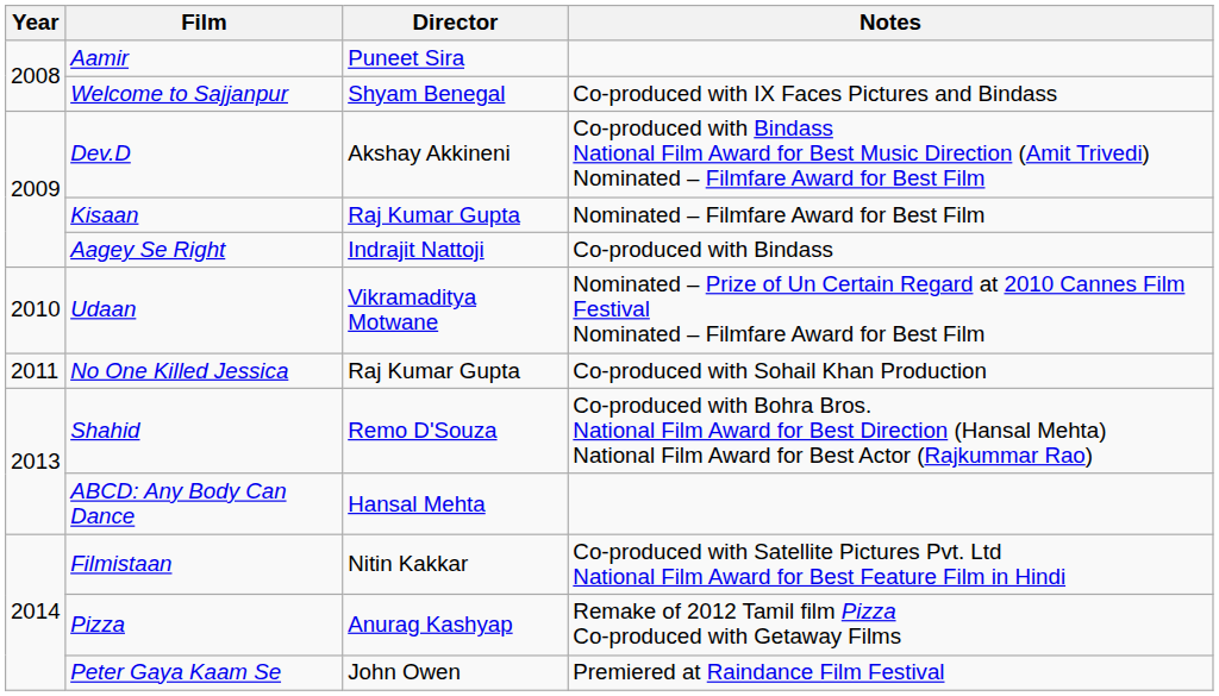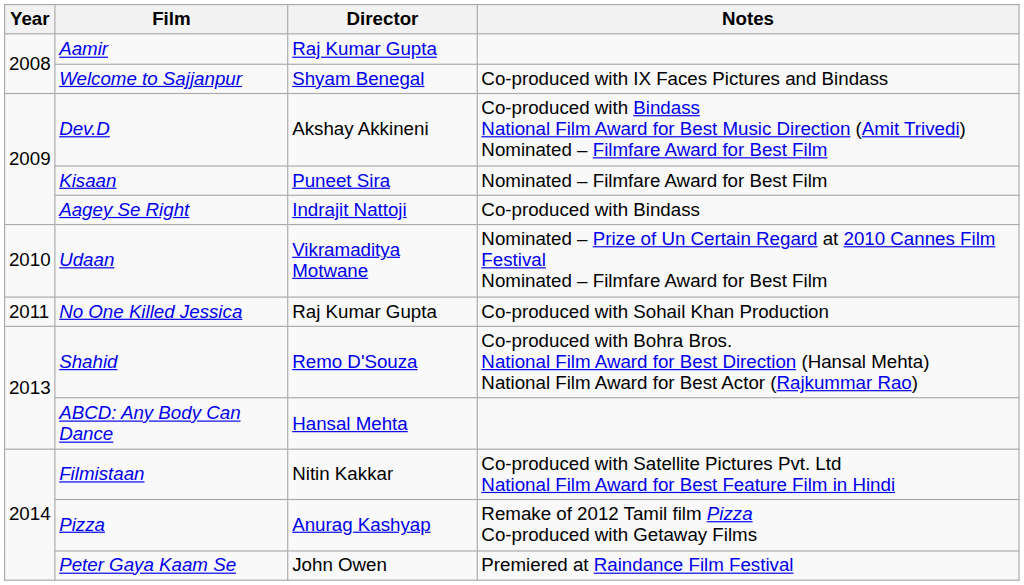 <table class="wikitable sortable">
 <tr>
 <th scope="col">Year</th>
 <th scope="col">Film</th>
 <th scope="col">Director</th>
 <th scope="col">Notes</th>
 </tr>
 <tr>
 <td rowspan="2">2008</td>
 <td><em><a href='#'>Aamir</a></em></td>
-<td><a href='#'>Puneet Sira</a></td>
+<td><a href='#'>Raj Kumar Gupta</a></td>
 <td></td>
 </tr>
 <tr>
 <td><em><a href='#'>Welcome to Sajjanpur</a></em></td>
 <td><a href='#'>Shyam Benegal</a></td>
 <td>Co-produced with IX Faces Pictures and Bindass</td>
 </tr>
 <tr>
 <td rowspan="3">2009</td>
 <td><em><a href='#'>Dev.D</a></em></td>
 <td>Akshay Akkineni</td>
 <td>Co-produced with <a href='#'>Bindass</a> <br> <a href='#'>National Film Award for Best Music Direction</a> (<a href='#'>Amit Trivedi</a>) <br> Nominated – <a href='#'>Filmfare Award for Best Film</a></td>
 </tr>
 <tr>
 <td><em><a href='#'>Kisaan</a></em></td>
-<td><a href='#'>Raj Kumar Gupta</a></td>
+<td><a href='#'>Puneet Sira</a></td>
 <td>Nominated – Filmfare Award for Best Film</td>
 </tr>
 <tr>
 <td><em><a href='#'>Aagey Se Right</a></em></td>
 <td><a href='#'>Indrajit Nattoji</a></td>
 <td>Co-produced with Bindass</td>
 </tr>
 <tr>
 <td>2010</td>
 <td><em><a href='#'>Udaan</a></em></td>
 <td><a href='#'>Vikramaditya Motwane</a></td>
 <td>Nominated – <a href='#'>Prize of Un Certain Regard</a> at <a href='#'>2010 Cannes Film Festival</a> <br> Nominated – Filmfare Award for Best Film</td>
 </tr>
 <tr>
 <td rowspan="1">2011</td>
 <td><em><a href='#'>No One Killed Jessica</a></em></td>
 <td>Raj Kumar Gupta</td>
 <td>Co-produced with Sohail Khan Production</td>
 </tr>
 <tr>
 <td rowspan="2">2013</td>
 <td><em><a href='#'>Shahid</a></em></td>
 <td><a href='#'>Remo D'Souza</a></td>
 <td>Co-produced with Bohra Bros. <br> <a href='#'>National Film Award for Best Direction</a> (Hansal Mehta) <br> National Film Award for Best Actor (<a href='#'>Rajkummar Rao</a>)</td>
 </tr>
 <tr>
 <td><em><a href='#'>ABCD: Any Body Can Dance</a></em></td>
 <td><a href='#'>Hansal Mehta</a></td>
 <td></td>
 </tr>
 <tr>
 <td rowspan="3">2014</td>
 <td><em><a href='#'>Filmistaan</a></em></td>
 <td>Nitin Kakkar</td>
 <td>Co-produced with Satellite Pictures Pvt. Ltd <br> <a href='#'>National Film Award for Best Feature Film in Hindi</a></td>
 </tr>
 <tr>
 <td><em><a href='#'>Pizza</a></em></td>
 <td><a href='#'>Anurag Kashyap</a></td>
 <td>Remake of 2012 Tamil film <em><a href='#'>Pizza</a></em> <br> Co-produced with Getaway Films</td>
 </tr>
 <tr>
 <td><em><a href='#'>Peter Gaya Kaam Se</a></em></td>
 <td>John Owen</td>
 <td>Premiered at <a href='#'>Raindance Film Festival</a></td>
 </tr>
 </table>
